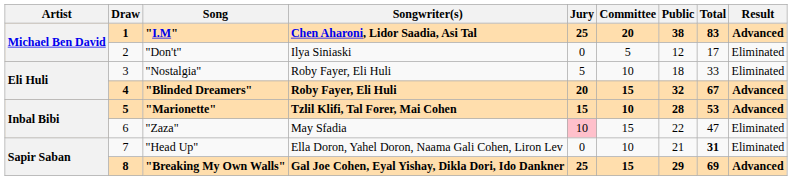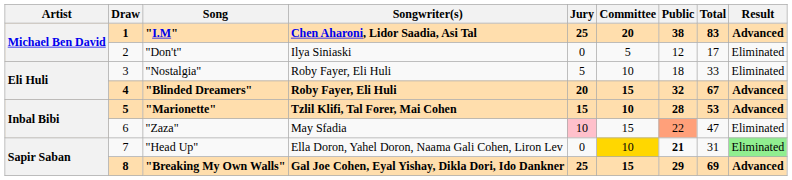 <table class="sortable wikitable plainrowheaders" style="margin: 1em auto 1em auto; text-align:center;">
 <tr>
 <th scope="col">Artist</th>
 <th scope="col">Draw</th>
 <th scope="col">Song</th>
 <th scope="col">Songwriter(s)</th>
 <th scope="col">Jury</th>
 <th scope="col">Committee</th>
 <th scope="col">Public</th>
 <th scope="col">Total</th>
 <th scope="col">Result</th>
 </tr>
 <tr style="background:navajowhite;">
 <th scope="row" style="text-align:left" rowspan="2"><a href='#'>Michael Ben David</a></th>
 <td><strong>1</strong></td>
 <td align=left><strong>"<a href='#'>I.M</a>"</strong></td>
 <td align=left><strong><a href='#'>Chen Aharoni</a>, Lidor Saadia, Asi Tal</strong></td>
 <td><strong>25</strong></td>
 <td><strong>20</strong></td>
 <td><strong>38</strong></td>
 <td><strong>83</strong></td>
 <td><strong>Advanced</strong></td>
 </tr>
 <tr>
 <td>2</td>
 <td align=left>"Don't"</td>
 <td align=left>Ilya Siniaski</td>
 <td>0</td>
 <td>5</td>
 <td>12</td>
 <td>17</td>
 <td>Eliminated</td>
 </tr>
 <tr>
 <th scope="row" style="text-align:left" rowspan="2">Eli Huli</th>
 <td>3</td>
 <td align=left>"Nostalgia"</td>
 <td align=left>Roby Fayer, Eli Huli</td>
 <td>5</td>
 <td>10</td>
 <td>18</td>
 <td>33</td>
 <td>Eliminated</td>
 </tr>
 <tr style="background:navajowhite;">
 <td><strong>4</strong></td>
 <td align=left><strong>"Blinded Dreamers"</strong></td>
 <td align=left><strong>Roby Fayer, Eli Huli</strong></td>
 <td><strong>20</strong></td>
 <td><strong>15</strong></td>
 <td><strong>32</strong></td>
 <td><strong>67</strong></td>
 <td><strong>Advanced</strong></td>
 </tr>
 <tr style="background:navajowhite;">
 <th scope="row" style="text-align:left" rowspan="2">Inbal Bibi</th>
 <td><strong>5</strong></td>
 <td align=left><strong>"Marionette"</strong></td>
 <td align=left><strong>Tzlil Klifi, Tal Forer, Mai Cohen</strong></td>
 <td><strong>15</strong></td>
 <td><strong>10</strong></td>
 <td><strong>28</strong></td>
 <td><strong>53</strong></td>
 <td><strong>Advanced</strong></td>
 </tr>
 <tr>
 <td>6</td>
 <td align=left>"Zaza"</td>
 <td align=left>May Sfadia</td>
 <td style="background: pink;">10</td>
 <td>15</td>
-<td>22</td>
+<td style="background: lightsalmon;">22</td>
 <td>47</td>
 <td>Eliminated</td>
 </tr>
 <tr>
 <th scope="row" style="text-align:left" rowspan="2">Sapir Saban</th>
 <td>7</td>
 <td align=left>"Head Up"</td>
 <td align=left>Ella Doron, Yahel Doron, Naama Gali Cohen, Liron Lev</td>
 <td>0</td>
-<td>10</td>
-<td>21</td>
-<td><strong>31</strong></td>
-<td>Eliminated</td>
+<td style="background: gold;">10</td>
+<td><strong>21</strong></td>
+<td>31</td>
+<td style="background: lightgreen;">Eliminated</td>
 </tr>
 <tr style="background:navajowhite;">
 <td><strong>8</strong></td>
 <td align=left><strong>"Breaking My Own Walls"</strong></td>
 <td align=left><strong>Gal Joe Cohen, Eyal Yishay, Dikla Dori, Ido Dankner</strong></td>
 <td><strong>25</strong></td>
 <td><strong>15</strong></td>
 <td><strong>29</strong></td>
 <td><strong>69</strong></td>
 <td><strong>Advanced</strong></td>
 </tr>
 </table>
